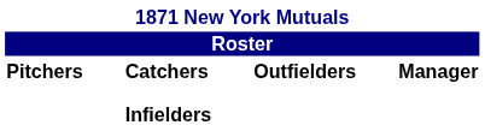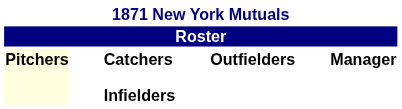 <table class="toccolours" style="font-size: 95%;">
 <tr>
 <th colspan="10" style="background-color: white; color: navy;text-align: center;">1871 New York Mutuals</th>
 </tr>
 <tr>
 <td colspan="10" style="background-color: navy; color: white; text-align: center;"><strong>Roster</strong></td>
 </tr>
 <tr>
-<td valign="top"><strong>Pitchers</strong><br> </td>
+<td valign="top" style="background: lightyellow;"><strong>Pitchers</strong><br> </td>
 <td width="25px"></td>
 <td valign="top"><strong>Catchers</strong><br><br><strong>Infielders</strong>     </td>
 <td width="25px"></td>
 <td valign="top"><strong>Outfielders</strong><br>  </td>
 <td width="25px"></td>
 <td valign="top"><strong>Manager</strong><br></td>
 </tr>
 <tr>
 </tr>
 </table>
